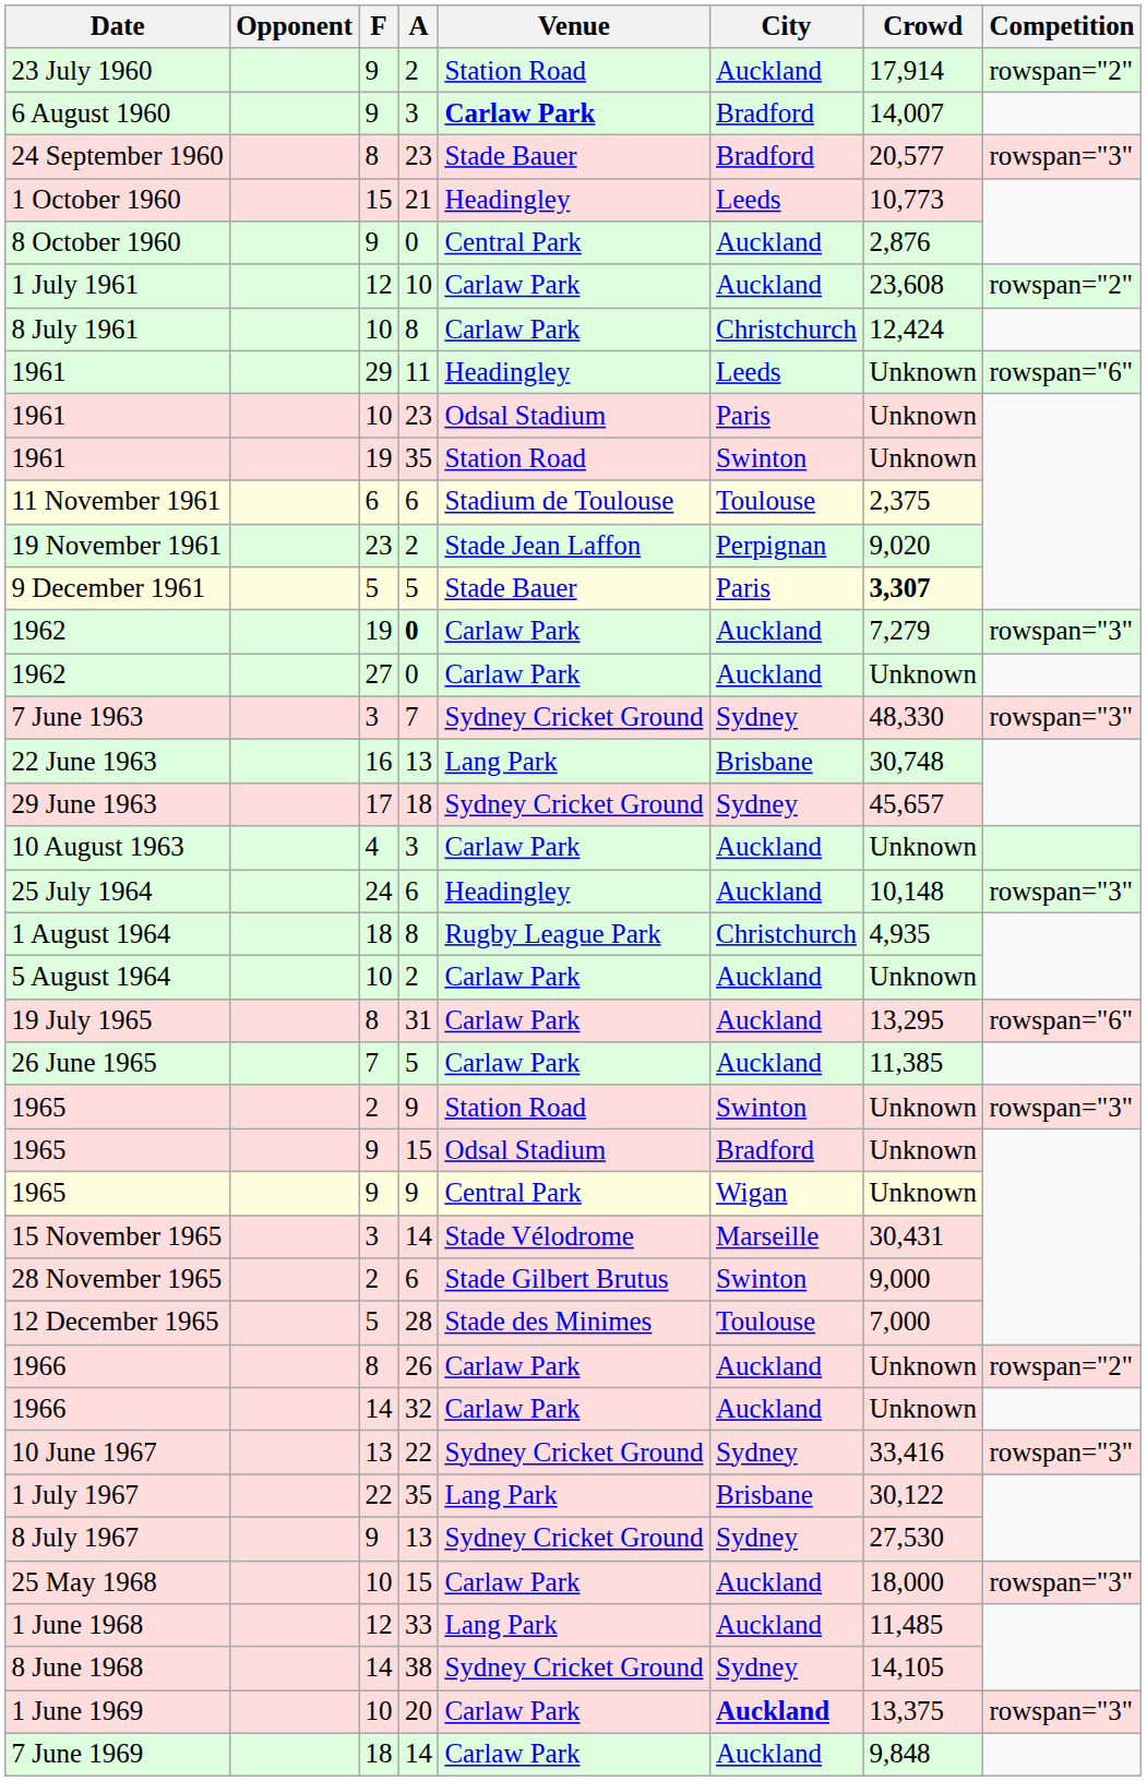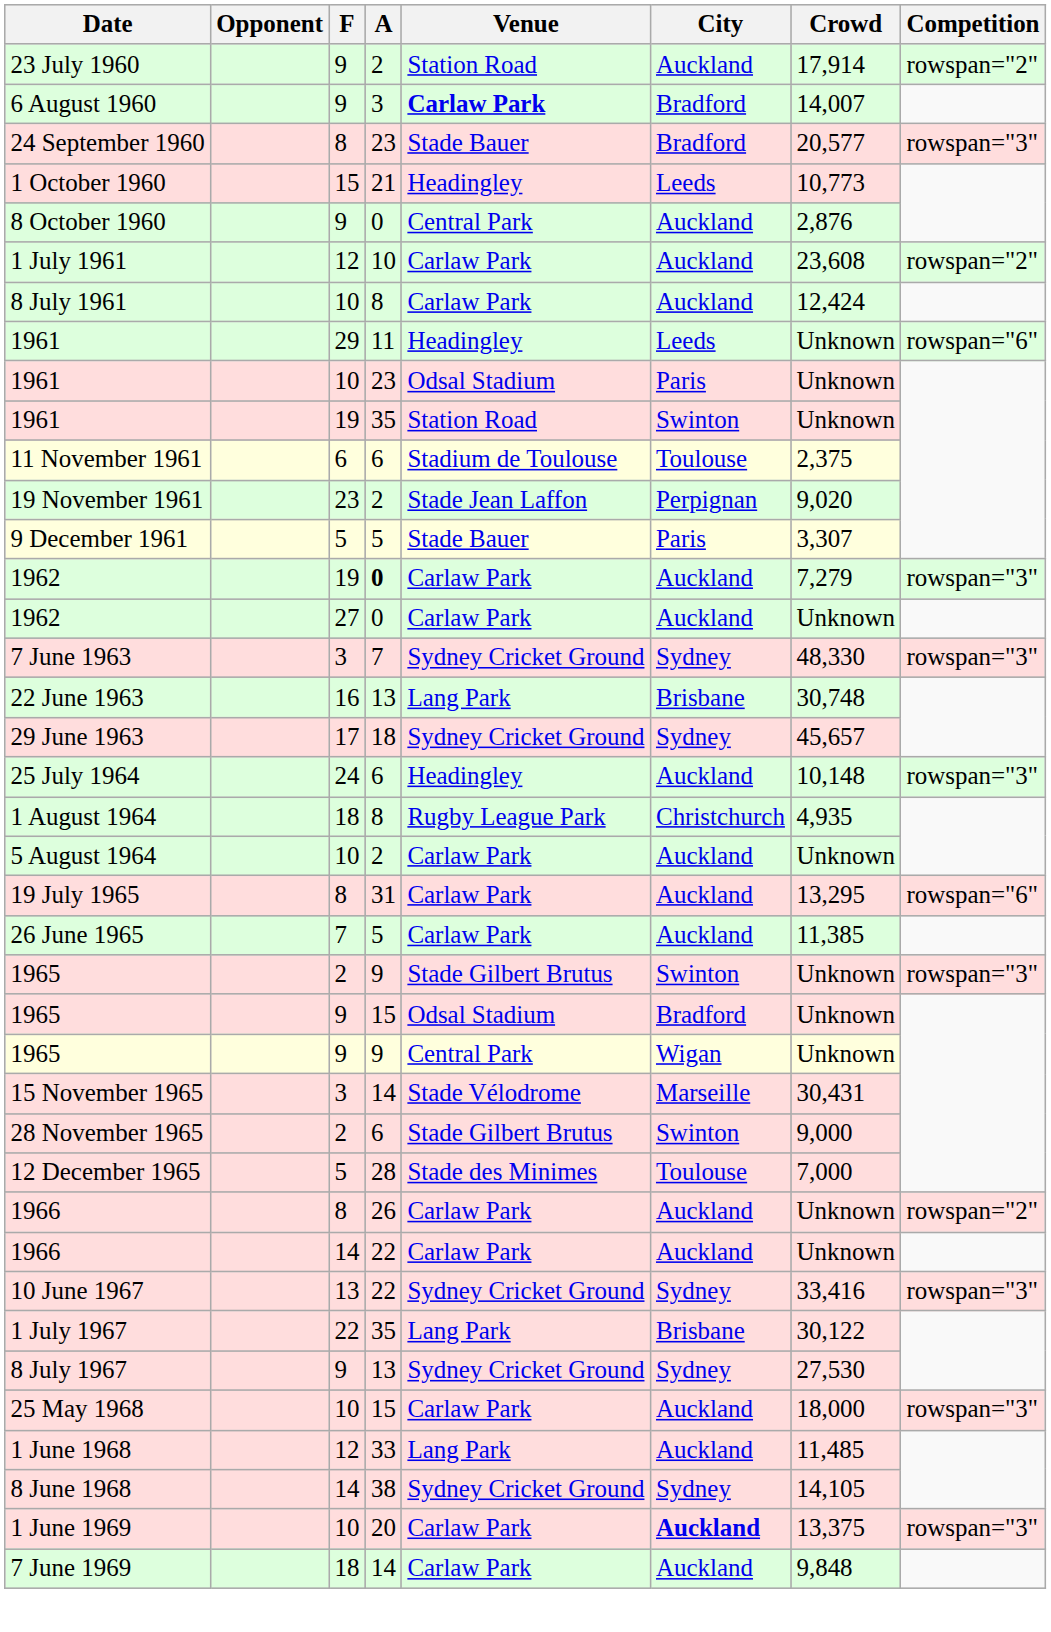 <table class="wikitable sortable">
 <tr>
 <th>Date</th>
 <th>Opponent</th>
 <th>F</th>
 <th>A</th>
 <th>Venue</th>
 <th>City</th>
 <th>Crowd</th>
 <th>Competition</th>
 </tr>
 <tr style="background:#ddffdd;">
 <td>23 July 1960</td>
 <td></td>
 <td>9</td>
 <td>2</td>
 <td><a href='#'>Station Road</a></td>
 <td><a href='#'>Auckland</a></td>
 <td>17,914</td>
 <td>rowspan="2" </td>
 </tr>
 <tr style="background:#ddffdd;">
 <td>6 August 1960</td>
 <td></td>
 <td>9</td>
 <td>3</td>
 <td><strong><a href='#'>Carlaw Park</a></strong></td>
 <td><a href='#'>Bradford</a></td>
 <td>14,007</td>
 </tr>
 <tr style="background:#ffdddd;">
 <td>24 September 1960</td>
 <td></td>
 <td>8</td>
 <td>23</td>
 <td><a href='#'>Stade Bauer</a></td>
 <td><a href='#'>Bradford</a></td>
 <td>20,577</td>
 <td>rowspan="3" </td>
 </tr>
 <tr style="background:#ffdddd;">
 <td>1 October 1960</td>
 <td></td>
 <td>15</td>
 <td>21</td>
 <td><a href='#'>Headingley</a></td>
 <td><a href='#'>Leeds</a></td>
 <td>10,773</td>
 </tr>
 <tr style="background:#ddffdd;">
 <td>8 October 1960</td>
 <td></td>
 <td>9</td>
 <td>0</td>
 <td><a href='#'>Central Park</a></td>
 <td><a href='#'>Auckland</a></td>
 <td>2,876</td>
 </tr>
 <tr style="background:#ddffdd;">
 <td>1 July 1961</td>
 <td></td>
 <td>12</td>
 <td>10</td>
 <td><a href='#'>Carlaw Park</a></td>
 <td><a href='#'>Auckland</a></td>
 <td>23,608</td>
 <td>rowspan="2"</td>
 </tr>
 <tr style="background:#ddffdd;">
 <td>8 July 1961</td>
 <td></td>
 <td>10</td>
 <td>8</td>
 <td><a href='#'>Carlaw Park</a></td>
-<td><a href='#'>Christchurch</a></td>
+<td><a href='#'>Auckland</a></td>
 <td>12,424</td>
 </tr>
 <tr style="background:#ddffdd;">
 <td>1961</td>
 <td></td>
 <td>29</td>
 <td>11</td>
 <td><a href='#'>Headingley</a></td>
 <td><a href='#'>Leeds</a></td>
 <td>Unknown</td>
 <td>rowspan="6" </td>
 </tr>
 <tr style="background:#ffdddd;">
 <td>1961</td>
 <td></td>
 <td>10</td>
 <td>23</td>
 <td><a href='#'>Odsal Stadium</a></td>
 <td><a href='#'>Paris</a></td>
 <td>Unknown</td>
 </tr>
 <tr style="background:#ffdddd;">
 <td>1961</td>
 <td></td>
 <td>19</td>
 <td>35</td>
 <td><a href='#'>Station Road</a></td>
 <td><a href='#'>Swinton</a></td>
 <td>Unknown</td>
 </tr>
 <tr style="background:#ffffdd;">
 <td>11 November 1961</td>
 <td></td>
 <td>6</td>
 <td>6</td>
 <td><a href='#'>Stadium de Toulouse</a></td>
 <td><a href='#'>Toulouse</a></td>
 <td>2,375</td>
 </tr>
 <tr style="background:#ddffdd;">
 <td>19 November 1961</td>
 <td></td>
 <td>23</td>
 <td>2</td>
 <td><a href='#'>Stade Jean Laffon</a></td>
 <td><a href='#'>Perpignan</a></td>
 <td>9,020</td>
 </tr>
 <tr style="background:#ffffdd;">
 <td>9 December 1961</td>
 <td></td>
 <td>5</td>
 <td>5</td>
 <td><a href='#'>Stade Bauer</a></td>
 <td><a href='#'>Paris</a></td>
-<td><strong>3,307</strong></td>
+<td>3,307</td>
 </tr>
 <tr style="background:#ddffdd;">
 <td>1962</td>
 <td></td>
 <td>19</td>
 <td><strong>0</strong></td>
 <td><a href='#'>Carlaw Park</a></td>
 <td><a href='#'>Auckland</a></td>
 <td>7,279</td>
 <td>rowspan="3" </td>
 </tr>
 <tr style="background:#ddffdd;">
 <td>1962</td>
 <td></td>
 <td>27</td>
 <td>0</td>
 <td><a href='#'>Carlaw Park</a></td>
 <td><a href='#'>Auckland</a></td>
 <td>Unknown</td>
 </tr>
 <tr style="background:#ffdddd;">
 <td>7 June 1963</td>
 <td></td>
 <td>3</td>
 <td>7</td>
 <td><a href='#'>Sydney Cricket Ground</a></td>
 <td><a href='#'>Sydney</a></td>
 <td>48,330</td>
 <td>rowspan="3"</td>
 </tr>
 <tr style="background:#ddffdd;">
 <td>22 June 1963</td>
 <td></td>
 <td>16</td>
 <td>13</td>
 <td><a href='#'>Lang Park</a></td>
 <td><a href='#'>Brisbane</a></td>
 <td>30,748</td>
 </tr>
 <tr style="background:#ffdddd;">
 <td>29 June 1963</td>
 <td></td>
 <td>17</td>
 <td>18</td>
 <td><a href='#'>Sydney Cricket Ground</a></td>
 <td><a href='#'>Sydney</a></td>
 <td>45,657</td>
-</tr>
-<tr style="background:#ddffdd;">
-<td>10 August 1963</td>
-<td></td>
-<td>4</td>
-<td>3</td>
-<td><a href='#'>Carlaw Park</a></td>
-<td><a href='#'>Auckland</a></td>
-<td>Unknown</td>
-<td></td>
 </tr>
 <tr style="background:#ddffdd;">
 <td>25 July 1964</td>
 <td></td>
 <td>24</td>
 <td>6</td>
 <td><a href='#'>Headingley</a></td>
 <td><a href='#'>Auckland</a></td>
 <td>10,148</td>
 <td>rowspan="3" </td>
 </tr>
 <tr style="background:#ddffdd;">
 <td>1 August 1964</td>
 <td></td>
 <td>18</td>
 <td>8</td>
 <td><a href='#'>Rugby League Park</a></td>
 <td><a href='#'>Christchurch</a></td>
 <td>4,935</td>
 </tr>
 <tr style="background:#ddffdd;">
 <td>5 August 1964</td>
 <td></td>
 <td>10</td>
 <td>2</td>
 <td><a href='#'>Carlaw Park</a></td>
 <td><a href='#'>Auckland</a></td>
 <td>Unknown</td>
 </tr>
 <tr style="background:#ffdddd;">
 <td>19 July 1965</td>
 <td></td>
 <td>8</td>
 <td>31</td>
 <td><a href='#'>Carlaw Park</a></td>
 <td><a href='#'>Auckland</a></td>
 <td>13,295</td>
 <td>rowspan="6" </td>
 </tr>
 <tr style="background:#ddffdd;">
 <td>26 June 1965</td>
 <td></td>
 <td>7</td>
 <td>5</td>
 <td><a href='#'>Carlaw Park</a></td>
 <td><a href='#'>Auckland</a></td>
 <td>11,385</td>
 </tr>
 <tr style="background:#ffdddd;">
 <td>1965</td>
 <td></td>
 <td>2</td>
 <td>9</td>
-<td><a href='#'>Station Road</a></td>
+<td><a href='#'>Stade Gilbert Brutus</a></td>
 <td><a href='#'>Swinton</a></td>
 <td>Unknown</td>
 <td>rowspan="3" </td>
 </tr>
 <tr style="background:#ffdddd;">
 <td>1965</td>
 <td></td>
 <td>9</td>
 <td>15</td>
 <td><a href='#'>Odsal Stadium</a></td>
 <td><a href='#'>Bradford</a></td>
 <td>Unknown</td>
 </tr>
 <tr style="background:#ffffdd;">
 <td>1965</td>
 <td></td>
 <td>9</td>
 <td>9</td>
 <td><a href='#'>Central Park</a></td>
 <td><a href='#'>Wigan</a></td>
 <td>Unknown</td>
 </tr>
 <tr style="background:#ffdddd;">
 <td>15 November 1965</td>
 <td></td>
 <td>3</td>
 <td>14</td>
 <td><a href='#'>Stade Vélodrome</a></td>
 <td><a href='#'>Marseille</a></td>
 <td>30,431</td>
 </tr>
 <tr style="background:#ffdddd;">
 <td>28 November 1965</td>
 <td></td>
 <td>2</td>
 <td>6</td>
 <td><a href='#'>Stade Gilbert Brutus</a></td>
 <td><a href='#'>Swinton</a></td>
 <td>9,000</td>
 </tr>
 <tr style="background:#ffdddd;">
 <td>12 December 1965</td>
 <td></td>
 <td>5</td>
 <td>28</td>
 <td><a href='#'>Stade des Minimes</a></td>
 <td><a href='#'>Toulouse</a></td>
 <td>7,000</td>
 </tr>
 <tr style="background:#ffdddd;">
 <td>1966</td>
 <td></td>
 <td>8</td>
 <td>26</td>
 <td><a href='#'>Carlaw Park</a></td>
 <td><a href='#'>Auckland</a></td>
 <td>Unknown</td>
 <td>rowspan="2" </td>
 </tr>
 <tr style="background:#ffdddd;">
 <td>1966</td>
 <td></td>
 <td>14</td>
-<td>32</td>
+<td>22</td>
 <td><a href='#'>Carlaw Park</a></td>
 <td><a href='#'>Auckland</a></td>
 <td>Unknown</td>
 </tr>
 <tr style="background:#ffdddd;">
 <td>10 June 1967</td>
 <td></td>
 <td>13</td>
 <td>22</td>
 <td><a href='#'>Sydney Cricket Ground</a></td>
 <td><a href='#'>Sydney</a></td>
 <td>33,416</td>
 <td>rowspan="3"</td>
 </tr>
 <tr style="background:#ffdddd;">
 <td>1 July 1967</td>
 <td></td>
 <td>22</td>
 <td>35</td>
 <td><a href='#'>Lang Park</a></td>
 <td><a href='#'>Brisbane</a></td>
 <td>30,122</td>
 </tr>
 <tr style="background:#ffdddd;">
 <td>8 July 1967</td>
 <td></td>
 <td>9</td>
 <td>13</td>
 <td><a href='#'>Sydney Cricket Ground</a></td>
 <td><a href='#'>Sydney</a></td>
 <td>27,530</td>
 </tr>
 <tr style="background:#ffdddd;">
 <td>25 May 1968</td>
 <td></td>
 <td>10</td>
 <td>15</td>
 <td><a href='#'>Carlaw Park</a></td>
 <td><a href='#'>Auckland</a></td>
 <td>18,000</td>
 <td>rowspan="3" </td>
 </tr>
 <tr style="background:#ffdddd;">
 <td>1 June 1968</td>
 <td></td>
 <td>12</td>
 <td>33</td>
 <td><a href='#'>Lang Park</a></td>
 <td><a href='#'>Auckland</a></td>
 <td>11,485</td>
 </tr>
 <tr style="background:#ffdddd;">
 <td>8 June 1968</td>
 <td></td>
 <td>14</td>
 <td>38</td>
 <td><a href='#'>Sydney Cricket Ground</a></td>
 <td><a href='#'>Sydney</a></td>
 <td>14,105</td>
 </tr>
 <tr style="background:#ffdddd;">
 <td>1 June 1969</td>
 <td></td>
 <td>10</td>
 <td>20</td>
 <td><a href='#'>Carlaw Park</a></td>
 <td><strong><a href='#'>Auckland</a></strong></td>
 <td>13,375</td>
 <td>rowspan="3"</td>
 </tr>
 <tr style="background:#ddffdd;">
 <td>7 June 1969</td>
 <td></td>
 <td>18</td>
 <td>14</td>
 <td><a href='#'>Carlaw Park</a></td>
 <td><a href='#'>Auckland</a></td>
 <td>9,848</td>
 </tr>
 </table>
